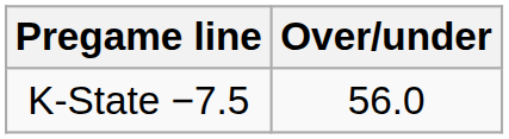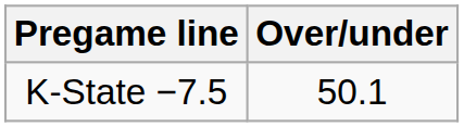 <table class="wikitable" style="margin-left: auto; margin-right: auto; border: none; display: inline-table;">
 <tr align="center">
 <th style=>Pregame line</th>
 <th style=>Over/under</th>
 </tr>
 <tr align="center">
 <td>K-State −7.5</td>
-<td>56.0</td>
+<td>50.1</td>
 </tr>
 </table>
